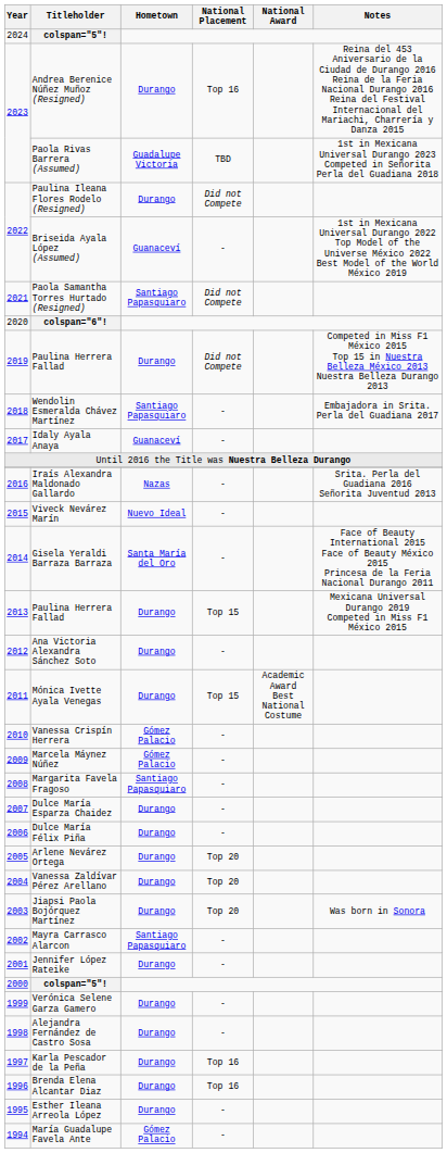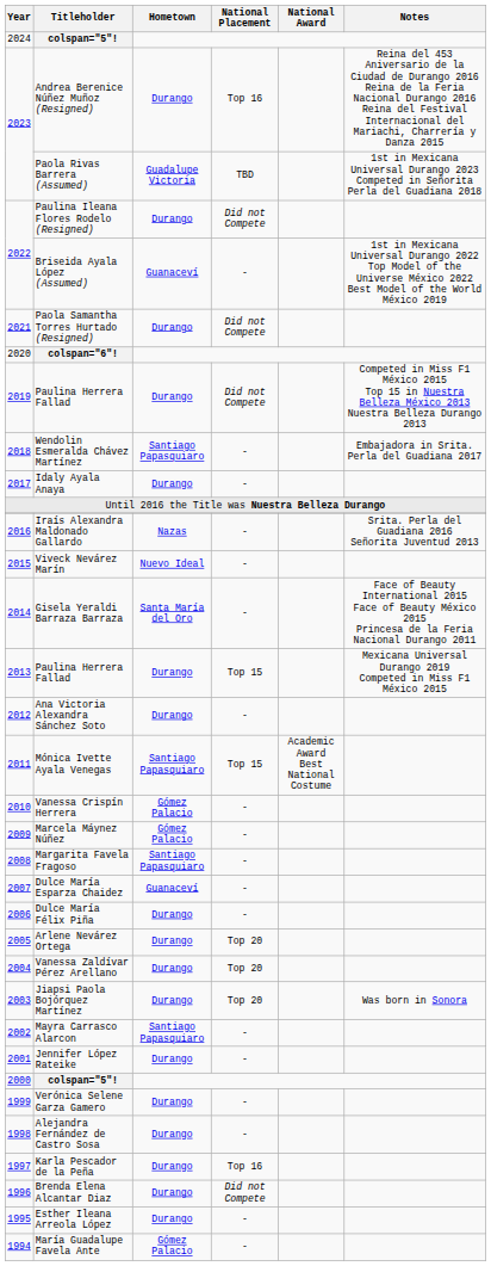 <table class="wikitable sortable" style="font-size:95%;">
 <tr>
 <th>Year</th>
 <th>Titleholder</th>
 <th>Hometown</th>
 <th>National Placement</th>
 <th>National Award</th>
 <th>Notes</th>
 </tr>
 <tr>
 <td align="center">2024</td>
 <th>colspan="5"!</th>
 </tr>
 <tr>
 <td rowspan=2 align="center"><a href='#'>2023</a></td>
 <td>Andrea Berenice Núñez Muñoz<br><em>(Resigned)</em></td>
 <td align="center"><a href='#'>Durango</a></td>
 <td align="center">Top 16</td>
 <td align="center"></td>
 <td align="center">Reina del 453 Aniversario de la Ciudad de Durango 2016<br>Reina de la Feria Nacional Durango 2016<br>Reina del Festival Internacional del Mariachi, Charrería y Danza 2015</td>
 </tr>
 <tr>
 <td>Paola Rivas Barrera<br><em>(Assumed)</em></td>
 <td align="center"><a href='#'>Guadalupe Victoria</a></td>
 <td align="center">TBD</td>
 <td align="center"></td>
 <td align="center">1st in Mexicana Universal Durango 2023<br>Competed in Señorita Perla del Guadiana 2018</td>
 </tr>
 <tr>
 <td rowspan=2 align="center"><a href='#'>2022</a></td>
 <td>Paulina Ileana Flores Rodelo<br><em>(Resigned)</em></td>
 <td align="center"><a href='#'>Durango</a></td>
 <td align="center"><em>Did not Compete</em></td>
 <td align="center"></td>
 <td align="center"></td>
 </tr>
 <tr>
 <td>Briseida Ayala López<br><em>(Assumed)</em></td>
 <td align="center"><a href='#'>Guanaceví</a></td>
 <td align="center">-</td>
 <td align="center"></td>
 <td align="center">1st in Mexicana Universal Durango 2022<br>Top Model of the Universe México 2022<br>Best Model of the World México 2019</td>
 </tr>
 <tr>
 <td align="center"><a href='#'>2021</a></td>
 <td>Paola Samantha Torres Hurtado<br><em>(Resigned)</em></td>
-<td align="center"><a href='#'>Santiago Papasquiaro</a></td>
+<td align="center"><a href='#'>Durango</a></td>
 <td align="center"><em>Did not Compete</em></td>
 <td align="center"></td>
 <td align="center"></td>
 </tr>
 <tr>
 <td align="center">2020</td>
 <th>colspan="6"!</th>
 </tr>
 <tr>
 <td align="center"><a href='#'>2019</a></td>
 <td>Paulina Herrera Fallad</td>
 <td align="center"><a href='#'>Durango</a></td>
 <td align="center"><em>Did not Compete</em></td>
 <td align="center"></td>
 <td align="center">Competed in Miss F1 México 2015<br>Top 15 in <a href='#'>Nuestra Belleza México 2013</a><br>Nuestra Belleza Durango 2013</td>
 </tr>
 <tr>
 <td align="center"><a href='#'>2018</a></td>
 <td>Wendolin Esmeralda Chávez Martínez</td>
 <td align="center"><a href='#'>Santiago Papasquiaro</a></td>
 <td align="center">-</td>
 <td align="center"></td>
 <td align="center">Embajadora in Srita. Perla del Guadiana 2017</td>
 </tr>
 <tr>
 <td align="center"><a href='#'>2017</a></td>
 <td>Idaly Ayala Anaya</td>
-<td align="center"><a href='#'>Guanaceví</a></td>
+<td align="center"><a href='#'>Durango</a></td>
 <td align="center">-</td>
 <td align="center"></td>
 <td align="center"></td>
 </tr>
 <tr>
 <td colspan="6" bgcolor="#EAEAEA" style="text-align:center;">Until 2016 the Title was <strong>Nuestra Belleza Durango</strong></td>
 </tr>
 <tr>
 </tr>
 <tr>
 <td align="center"><a href='#'>2016</a></td>
 <td>Iraís Alexandra Maldonado Gallardo</td>
 <td align="center"><a href='#'>Nazas</a></td>
 <td align="center">-</td>
 <td align="center"></td>
 <td align="center">Srita. Perla del Guadiana 2016<br>Señorita Juventud 2013</td>
 </tr>
 <tr>
 <td align="center"><a href='#'>2015</a></td>
 <td>Viveck Nevárez Marín</td>
 <td align="center"><a href='#'>Nuevo Ideal</a></td>
 <td align="center">-</td>
 <td align="center"></td>
 <td align="center"></td>
 </tr>
 <tr>
 <td align="center"><a href='#'>2014</a></td>
 <td>Gisela Yeraldi Barraza Barraza</td>
 <td align="center"><a href='#'>Santa María del Oro</a></td>
 <td align="center">-</td>
 <td align="center"></td>
 <td align="center">Face of Beauty International 2015<br>Face of Beauty México 2015<br>Princesa de la Feria Nacional Durango 2011</td>
 </tr>
 <tr>
 <td align="center"><a href='#'>2013</a></td>
 <td>Paulina Herrera Fallad</td>
 <td align="center"><a href='#'>Durango</a></td>
 <td align="center">Top 15</td>
 <td align="center"></td>
 <td align="center">Mexicana Universal Durango 2019<br>Competed in Miss F1 México 2015</td>
 </tr>
 <tr>
 <td align="center"><a href='#'>2012</a></td>
 <td>Ana Victoria Alexandra Sánchez Soto</td>
 <td align="center"><a href='#'>Durango</a></td>
 <td align="center">-</td>
 <td align="center"></td>
 <td align="center"></td>
 </tr>
 <tr>
 <td align="center"><a href='#'>2011</a></td>
 <td>Mónica Ivette Ayala Venegas</td>
-<td align="center"><a href='#'>Durango</a></td>
+<td align="center"><a href='#'>Santiago Papasquiaro</a></td>
 <td align="center">Top 15</td>
 <td align="center">Academic Award<br>Best National Costume</td>
 <td align="center"></td>
 </tr>
 <tr>
 <td align="center"><a href='#'>2010</a></td>
 <td>Vanessa Crispín Herrera</td>
 <td align="center"><a href='#'>Gómez Palacio</a></td>
 <td align="center">-</td>
 <td align="center"></td>
 <td align="center"></td>
 </tr>
 <tr>
 <td align="center"><a href='#'>2009</a></td>
 <td>Marcela Máynez Núñez</td>
 <td align="center"><a href='#'>Gómez Palacio</a></td>
 <td align="center">-</td>
 <td align="center"></td>
 <td align="center"></td>
 </tr>
 <tr>
 <td align="center"><a href='#'>2008</a></td>
 <td>Margarita Favela Fragoso</td>
 <td align="center"><a href='#'>Santiago Papasquiaro</a></td>
 <td align="center">-</td>
 <td align="center"></td>
 <td align="center"></td>
 </tr>
 <tr>
 <td align="center"><a href='#'>2007</a></td>
 <td>Dulce María Esparza Chaidez</td>
-<td align="center"><a href='#'>Durango</a></td>
+<td align="center"><a href='#'>Guanaceví</a></td>
 <td align="center">-</td>
 <td align="center"></td>
 <td align="center"></td>
 </tr>
 <tr>
 <td align="center"><a href='#'>2006</a></td>
 <td>Dulce María Félix Piña</td>
 <td align="center"><a href='#'>Durango</a></td>
 <td align="center">-</td>
 <td align="center"></td>
 <td align="center"></td>
 </tr>
 <tr>
 <td align="center"><a href='#'>2005</a></td>
 <td>Arlene Nevárez Ortega</td>
 <td align="center"><a href='#'>Durango</a></td>
 <td align="center">Top 20</td>
 <td align="center"></td>
 <td align="center"></td>
 </tr>
 <tr>
 <td align="center"><a href='#'>2004</a></td>
 <td>Vanessa Zaldívar Pérez Arellano</td>
 <td align="center"><a href='#'>Durango</a></td>
 <td align="center">Top 20</td>
 <td align="center"></td>
 <td align="center"></td>
 </tr>
 <tr>
 <td align="center"><a href='#'>2003</a></td>
 <td>Jiapsi Paola Bojórquez Martínez</td>
 <td align="center"><a href='#'>Durango</a></td>
 <td align="center">Top 20</td>
 <td align="center"></td>
 <td align="center">Was born in <a href='#'>Sonora</a></td>
 </tr>
 <tr>
 <td align="center"><a href='#'>2002</a></td>
 <td>Mayra Carrasco Alarcon</td>
 <td align="center"><a href='#'>Santiago Papasquiaro</a></td>
 <td align="center">-</td>
 <td align="center"></td>
 <td align="center"></td>
 </tr>
 <tr>
 <td align="center"><a href='#'>2001</a></td>
 <td>Jennifer López Rateike</td>
 <td align="center"><a href='#'>Durango</a></td>
 <td align="center">-</td>
 <td align="center"></td>
 <td align="center"></td>
 </tr>
 <tr>
 <td align="center"><a href='#'>2000</a></td>
 <th>colspan="5"!</th>
 </tr>
 <tr>
 <td align="center"><a href='#'>1999</a></td>
 <td>Verónica Selene Garza Gamero</td>
 <td align="center"><a href='#'>Durango</a></td>
 <td align="center">-</td>
 <td align="center"></td>
 <td align="center"></td>
 </tr>
 <tr>
 <td align="center"><a href='#'>1998</a></td>
 <td>Alejandra Fernández de Castro Sosa</td>
 <td align="center"><a href='#'>Durango</a></td>
 <td align="center">-</td>
 <td align="center"></td>
 <td align="center"></td>
 </tr>
 <tr>
 <td align="center"><a href='#'>1997</a></td>
 <td>Karla Pescador de la Peña</td>
 <td align="center"><a href='#'>Durango</a></td>
 <td align="center">Top 16</td>
 <td align="center"></td>
 <td align="center"></td>
 </tr>
 <tr>
 <td align="center"><a href='#'>1996</a></td>
 <td>Brenda Elena Alcantar Diaz</td>
 <td align="center"><a href='#'>Durango</a></td>
-<td align="center">Top 16</td>
+<td align="center"><em>Did not Compete</em></td>
 <td align="center"></td>
 <td align="center"></td>
 </tr>
 <tr>
 <td align="center"><a href='#'>1995</a></td>
 <td>Esther Ileana Arreola López</td>
 <td align="center"><a href='#'>Durango</a></td>
 <td align="center">-</td>
 <td align="center"></td>
 <td align="center"></td>
 </tr>
 <tr>
 <td align="center"><a href='#'>1994</a></td>
 <td>María Guadalupe Favela Ante</td>
 <td align="center"><a href='#'>Gómez Palacio</a></td>
 <td align="center">-</td>
 <td align="center"></td>
 <td align="center"></td>
 </tr>
 </table>
